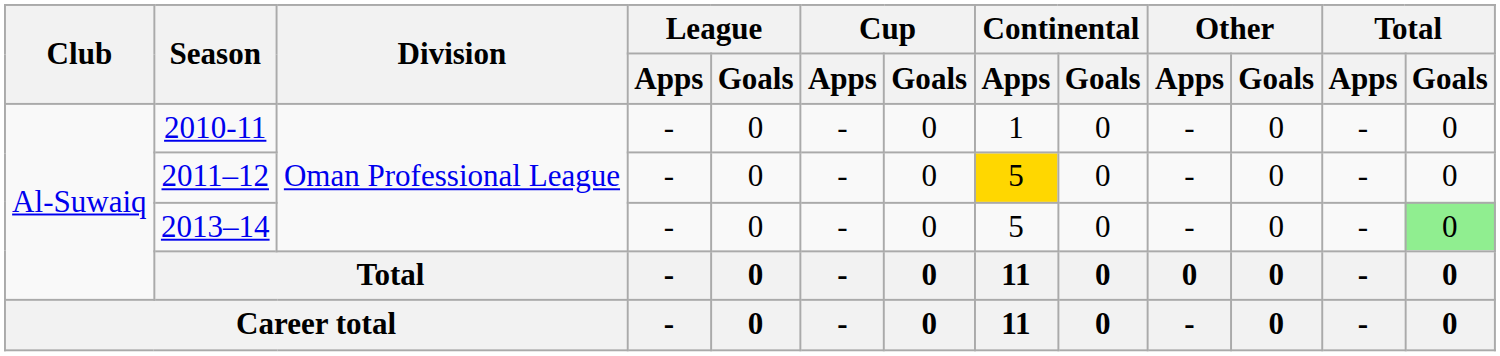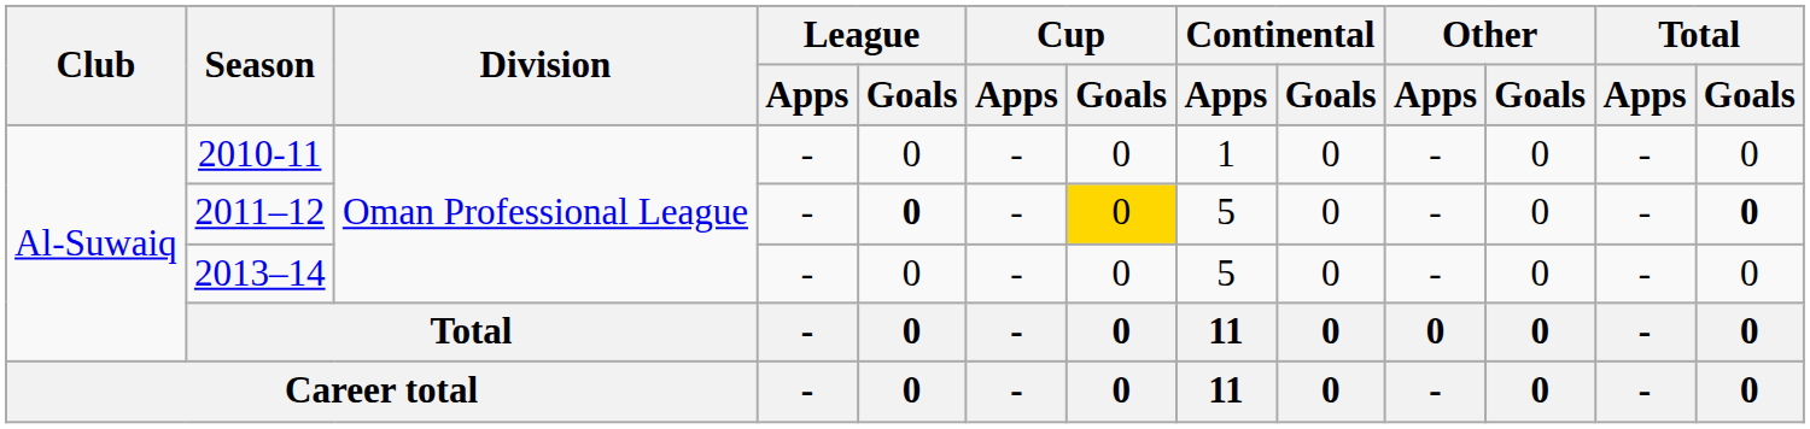 <table class="wikitable" style="text-align: center;">
 <tr>
 <th rowspan="2">Club</th>
 <th rowspan="2">Season</th>
 <th rowspan="2">Division</th>
 <th colspan="2">League</th>
 <th colspan="2">Cup</th>
 <th colspan="2">Continental</th>
 <th colspan="2">Other</th>
 <th colspan="2">Total</th>
 </tr>
 <tr>
 <th>Apps</th>
 <th>Goals</th>
 <th>Apps</th>
 <th>Goals</th>
 <th>Apps</th>
 <th>Goals</th>
 <th>Apps</th>
 <th>Goals</th>
 <th>Apps</th>
 <th>Goals</th>
 </tr>
 <tr>
 <td rowspan="4"><a href='#'>Al-Suwaiq</a></td>
 <td><a href='#'>2010-11</a></td>
 <td rowspan="3"><a href='#'>Oman Professional League</a></td>
 <td>-</td>
 <td>0</td>
 <td>-</td>
 <td>0</td>
 <td>1</td>
 <td>0</td>
 <td>-</td>
 <td>0</td>
 <td>-</td>
 <td>0</td>
 </tr>
 <tr>
 <td><a href='#'>2011–12</a></td>
 <td>-</td>
-<td>0</td>
+<td><strong>0</strong></td>
 <td>-</td>
-<td>0</td>
-<td style="background: gold;">5</td>
+<td style="background: gold;">0</td>
+<td>5</td>
 <td>0</td>
 <td>-</td>
 <td>0</td>
 <td>-</td>
-<td>0</td>
+<td><strong>0</strong></td>
 </tr>
 <tr>
 <td><a href='#'>2013–14</a></td>
 <td>-</td>
 <td>0</td>
 <td>-</td>
 <td>0</td>
 <td>5</td>
 <td>0</td>
 <td>-</td>
 <td>0</td>
 <td>-</td>
-<td style="background: lightgreen;">0</td>
+<td>0</td>
 </tr>
 <tr>
 <th colspan="2">Total</th>
 <th>-</th>
 <th>0</th>
 <th>-</th>
 <th>0</th>
 <th>11</th>
 <th>0</th>
 <th>0</th>
 <th>0</th>
 <th>-</th>
 <th>0</th>
 </tr>
 <tr>
 <th colspan="3">Career total</th>
 <th>-</th>
 <th>0</th>
 <th>-</th>
 <th>0</th>
 <th>11</th>
 <th>0</th>
 <th>-</th>
 <th>0</th>
 <th>-</th>
 <th>0</th>
 </tr>
 </table>
